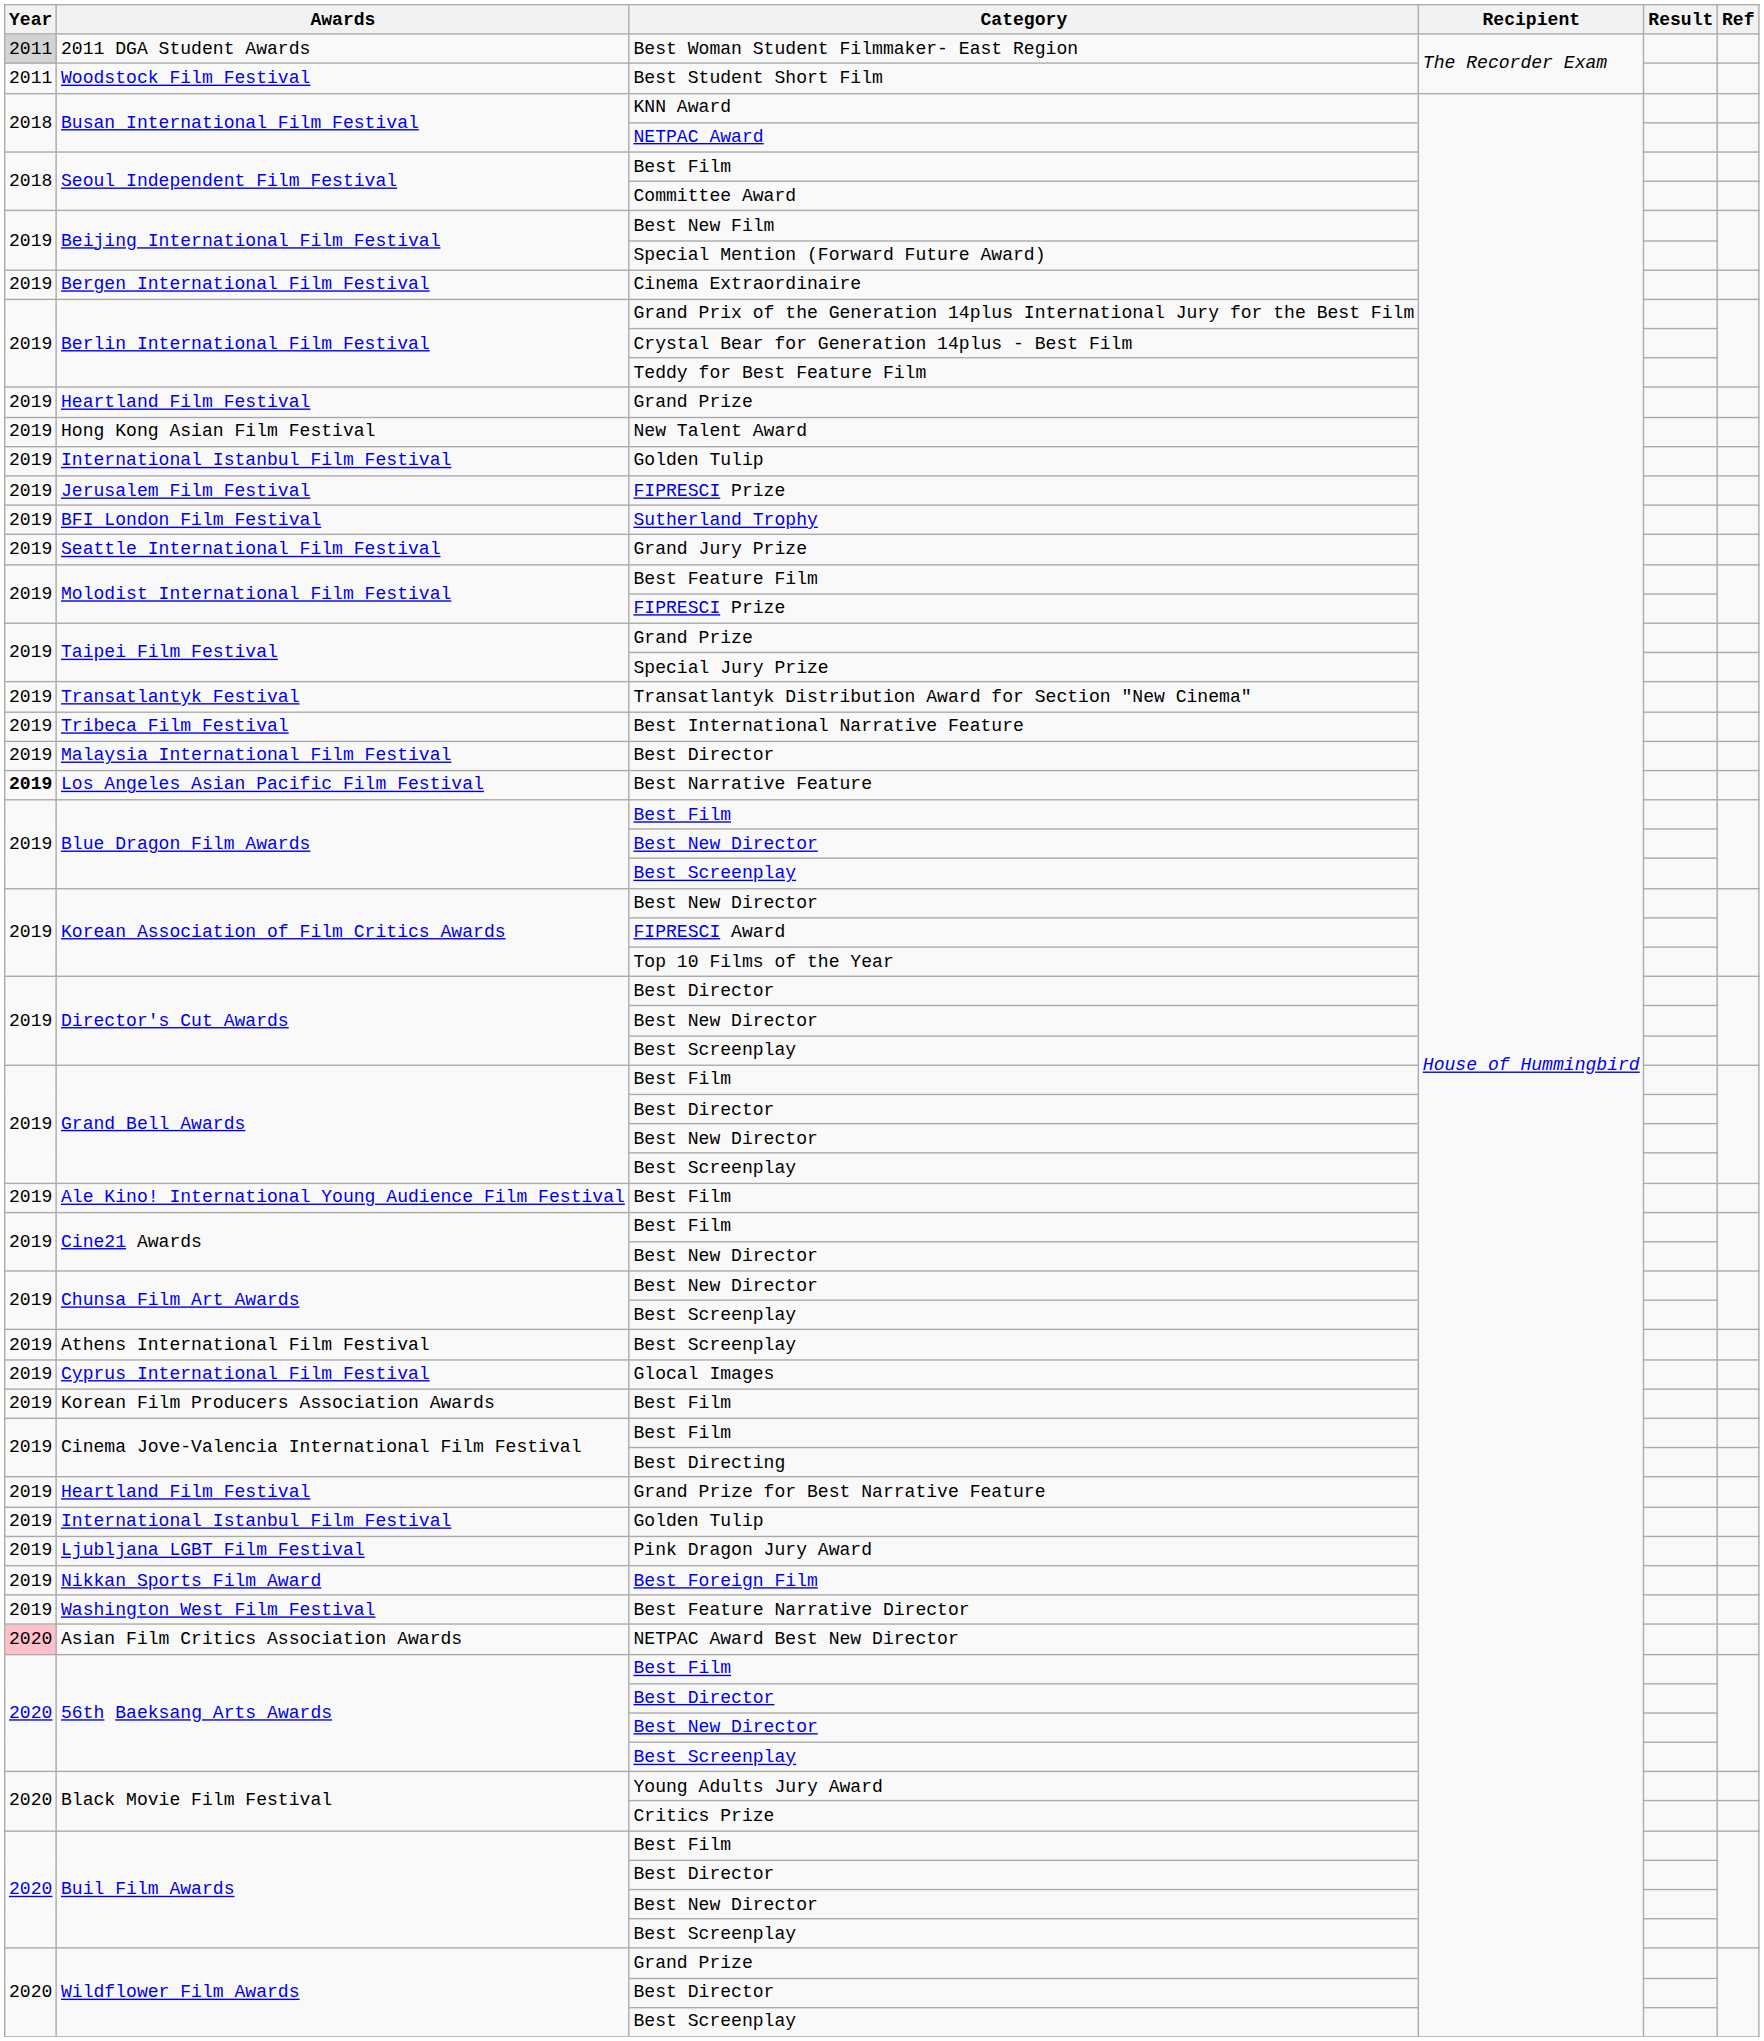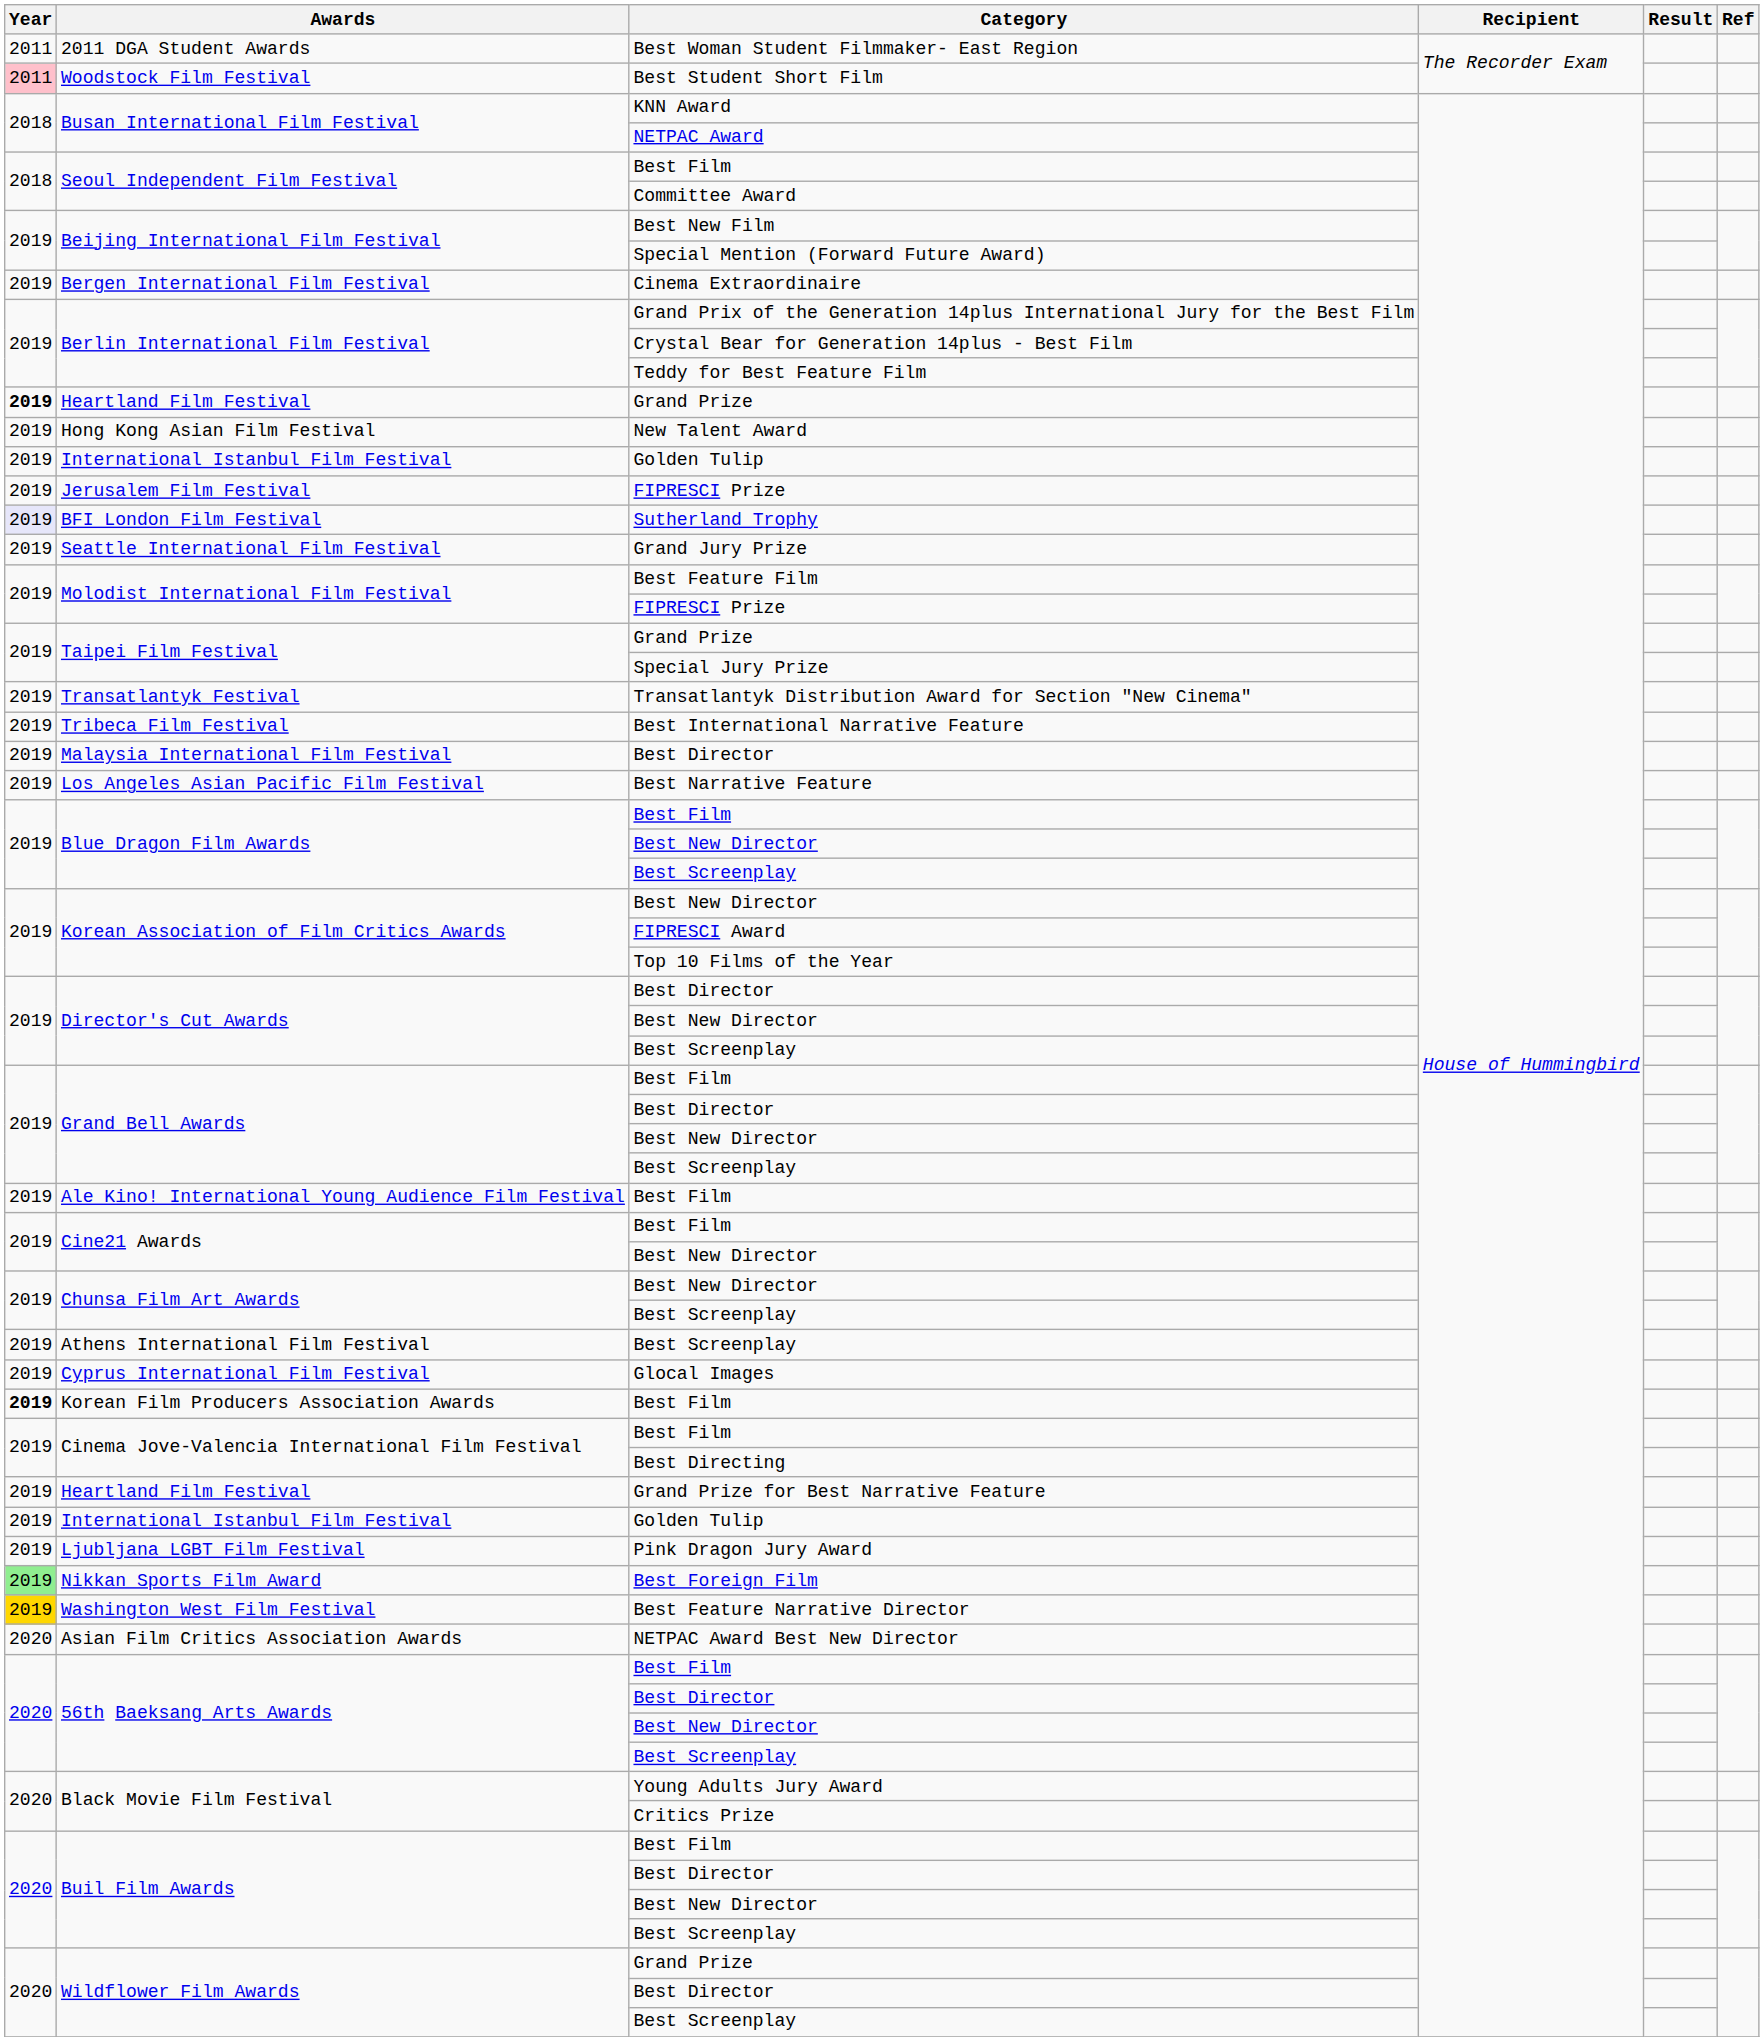 <table class="wikitable sortable">
 <tr>
 <th>Year</th>
 <th>Awards</th>
 <th>Category</th>
 <th>Recipient</th>
 <th>Result</th>
 <th>Ref</th>
 </tr>
 <tr>
-<td style="background: lightgrey;">2011</td>
+<td>2011</td>
 <td>2011 DGA Student Awards</td>
 <td>Best Woman Student Filmmaker- East Region</td>
 <td rowspan="2"><em>The Recorder Exam</em></td>
 <td></td>
 <td></td>
 </tr>
 <tr>
-<td>2011</td>
+<td style="background: pink;">2011</td>
 <td><a href='#'>Woodstock Film Festival</a></td>
 <td>Best Student Short Film</td>
 <td></td>
 <td></td>
 </tr>
 <tr>
 <td rowspan="2">2018</td>
 <td rowspan="2"><a href='#'>Busan International Film Festival</a></td>
 <td>KNN Award</td>
 <td rowspan="66"><em><a href='#'>House of Hummingbird</a></em></td>
 <td></td>
 <td></td>
 </tr>
 <tr>
 <td><a href='#'>NETPAC Award</a></td>
 <td></td>
 <td></td>
 </tr>
 <tr>
 <td rowspan="2">2018</td>
 <td rowspan="2"><a href='#'>Seoul Independent Film Festival</a></td>
 <td>Best Film</td>
 <td></td>
 <td></td>
 </tr>
 <tr>
 <td>Committee Award</td>
 <td></td>
 <td></td>
 </tr>
 <tr>
 <td rowspan="2">2019</td>
 <td rowspan="2"><a href='#'>Beijing International Film Festival</a></td>
 <td>Best New Film</td>
 <td></td>
 <td rowspan="2"></td>
 </tr>
 <tr>
 <td>Special Mention (Forward Future Award)</td>
 <td></td>
 </tr>
 <tr>
 <td>2019</td>
 <td><a href='#'>Bergen International Film Festival</a></td>
 <td>Cinema Extraordinaire</td>
 <td></td>
 <td></td>
 </tr>
 <tr>
 <td rowspan="3">2019</td>
 <td rowspan="3"><a href='#'>Berlin International Film Festival</a></td>
 <td>Grand Prix of the Generation 14plus International Jury for the Best Film</td>
 <td></td>
 <td rowspan="3"></td>
 </tr>
 <tr>
 <td>Crystal Bear for Generation 14plus - Best Film</td>
 <td></td>
 </tr>
 <tr>
 <td>Teddy for Best Feature Film</td>
 <td></td>
 </tr>
 <tr>
-<td>2019</td>
+<td><strong>2019</strong></td>
 <td><a href='#'>Heartland Film Festival</a></td>
 <td>Grand Prize</td>
 <td></td>
 <td></td>
 </tr>
 <tr>
 <td>2019</td>
 <td>Hong Kong Asian Film Festival</td>
 <td>New Talent Award</td>
 <td></td>
 <td></td>
 </tr>
 <tr>
 <td>2019</td>
 <td><a href='#'>International Istanbul Film Festival</a></td>
 <td>Golden Tulip</td>
 <td></td>
 <td></td>
 </tr>
 <tr>
 <td>2019</td>
 <td><a href='#'>Jerusalem Film Festival</a></td>
 <td><a href='#'>FIPRESCI</a> Prize</td>
 <td></td>
 <td></td>
 </tr>
 <tr>
-<td>2019</td>
+<td style="background: lavender;">2019</td>
 <td><a href='#'>BFI London Film Festival</a></td>
 <td><a href='#'>Sutherland Trophy</a></td>
 <td></td>
 <td></td>
 </tr>
 <tr>
 <td>2019</td>
 <td><a href='#'>Seattle International Film Festival</a></td>
 <td>Grand Jury Prize</td>
 <td></td>
 <td></td>
 </tr>
 <tr>
 <td rowspan="2">2019</td>
 <td rowspan="2"><a href='#'>Molodist International Film Festival</a></td>
 <td>Best Feature Film</td>
 <td></td>
 <td rowspan="2"></td>
 </tr>
 <tr>
 <td><a href='#'>FIPRESCI</a> Prize</td>
 <td></td>
 </tr>
 <tr>
 <td rowspan="2">2019</td>
 <td rowspan="2"><a href='#'>Taipei Film Festival</a></td>
 <td>Grand Prize</td>
 <td></td>
 <td></td>
 </tr>
 <tr>
 <td>Special Jury Prize</td>
 <td></td>
 <td></td>
 </tr>
 <tr>
 <td>2019</td>
 <td><a href='#'>Transatlantyk Festival</a></td>
 <td>Transatlantyk Distribution Award for Section "New Cinema"</td>
 <td></td>
 <td></td>
 </tr>
 <tr>
 <td>2019</td>
 <td><a href='#'>Tribeca Film Festival</a></td>
 <td>Best International Narrative Feature</td>
 <td></td>
 <td></td>
 </tr>
 <tr>
 <td>2019</td>
 <td><a href='#'>Malaysia International Film Festival</a></td>
 <td>Best Director</td>
 <td></td>
 <td></td>
 </tr>
 <tr>
-<td><strong>2019</strong></td>
+<td>2019</td>
 <td><a href='#'>Los Angeles Asian Pacific Film Festival</a></td>
 <td>Best Narrative Feature</td>
 <td></td>
 <td></td>
 </tr>
 <tr>
 <td rowspan="3">2019</td>
 <td rowspan="3"><a href='#'>Blue Dragon Film Awards</a></td>
 <td><a href='#'>Best Film</a></td>
 <td></td>
 <td rowspan="3"></td>
 </tr>
 <tr>
 <td><a href='#'>Best New Director</a></td>
 <td></td>
 </tr>
 <tr>
 <td><a href='#'>Best Screenplay</a></td>
 <td></td>
 </tr>
 <tr>
 <td rowspan="3">2019</td>
 <td rowspan="3"><a href='#'>Korean Association of Film Critics Awards</a></td>
 <td>Best New Director</td>
 <td></td>
 <td rowspan="3"></td>
 </tr>
 <tr>
 <td><a href='#'>FIPRESCI</a> Award</td>
 <td></td>
 </tr>
 <tr>
 <td>Top 10 Films of the Year</td>
 <td></td>
 </tr>
 <tr>
 <td rowspan="3">2019</td>
 <td rowspan="3"><a href='#'>Director's Cut Awards</a></td>
 <td>Best Director</td>
 <td></td>
 <td rowspan="3"></td>
 </tr>
 <tr>
 <td>Best New Director</td>
 <td></td>
 </tr>
 <tr>
 <td>Best Screenplay</td>
 <td></td>
 </tr>
 <tr>
 <td rowspan="4">2019</td>
 <td rowspan="4"><a href='#'>Grand Bell Awards</a></td>
 <td>Best Film</td>
 <td></td>
 <td rowspan="4"></td>
 </tr>
 <tr>
 <td>Best Director</td>
 <td></td>
 </tr>
 <tr>
 <td>Best New Director</td>
 <td></td>
 </tr>
 <tr>
 <td>Best Screenplay</td>
 <td></td>
 </tr>
 <tr>
 <td>2019</td>
 <td><a href='#'>Ale Kino! International Young Audience Film Festival</a></td>
 <td>Best Film</td>
 <td></td>
 <td></td>
 </tr>
 <tr>
 <td rowspan="2">2019</td>
 <td rowspan="2"><a href='#'>Cine21</a> Awards</td>
 <td>Best Film</td>
 <td></td>
 <td rowspan="2"></td>
 </tr>
 <tr>
 <td>Best New Director</td>
 <td></td>
 </tr>
 <tr>
 <td rowspan="2">2019</td>
 <td rowspan="2"><a href='#'>Chunsa Film Art Awards</a></td>
 <td>Best New Director</td>
 <td></td>
 <td rowspan="2"></td>
 </tr>
 <tr>
 <td>Best Screenplay</td>
 <td></td>
 </tr>
 <tr>
 <td>2019</td>
 <td>Athens International Film Festival</td>
 <td>Best Screenplay</td>
 <td></td>
 <td></td>
 </tr>
 <tr>
 <td>2019</td>
 <td><a href='#'>Cyprus International Film Festival</a></td>
 <td>Glocal Images</td>
 <td></td>
 <td></td>
 </tr>
 <tr>
-<td>2019</td>
+<td><strong>2019</strong></td>
 <td>Korean Film Producers Association Awards</td>
 <td>Best Film</td>
 <td></td>
 <td></td>
 </tr>
 <tr>
 <td rowspan="2">2019</td>
 <td rowspan="2">Cinema Jove-Valencia International Film Festival</td>
 <td>Best Film</td>
 <td></td>
 <td></td>
 </tr>
 <tr>
 <td>Best Directing</td>
 <td></td>
 <td></td>
 </tr>
 <tr>
 <td>2019</td>
 <td><a href='#'>Heartland Film Festival</a></td>
 <td>Grand Prize for Best Narrative Feature</td>
 <td></td>
 <td></td>
 </tr>
 <tr>
 <td>2019</td>
 <td><a href='#'>International Istanbul Film Festival</a></td>
 <td>Golden Tulip</td>
 <td></td>
 <td></td>
 </tr>
 <tr>
 <td>2019</td>
 <td><a href='#'>Ljubljana LGBT Film Festival</a></td>
 <td>Pink Dragon Jury Award</td>
 <td></td>
 <td></td>
 </tr>
 <tr>
-<td>2019</td>
+<td style="background: lightgreen;">2019</td>
 <td><a href='#'>Nikkan Sports Film Award</a></td>
 <td><a href='#'>Best Foreign Film</a></td>
 <td></td>
 <td></td>
 </tr>
 <tr>
-<td>2019</td>
+<td style="background: gold;">2019</td>
 <td><a href='#'>Washington West Film Festival</a></td>
 <td>Best Feature Narrative Director</td>
 <td></td>
 <td></td>
 </tr>
 <tr>
-<td style="background: pink;">2020</td>
+<td>2020</td>
 <td>Asian Film Critics Association Awards</td>
 <td>NETPAC Award Best New Director</td>
 <td></td>
 <td></td>
 </tr>
 <tr>
 <td rowspan="4"><a href='#'>2020</a></td>
 <td rowspan="4"><a href='#'>56th</a> <a href='#'>Baeksang Arts Awards</a></td>
 <td><a href='#'>Best Film</a></td>
 <td></td>
 <td rowspan="4"></td>
 </tr>
 <tr>
 <td><a href='#'>Best Director</a></td>
 <td></td>
 </tr>
 <tr>
 <td><a href='#'>Best New Director</a></td>
 <td></td>
 </tr>
 <tr>
 <td><a href='#'>Best Screenplay</a></td>
 <td></td>
 </tr>
 <tr>
 <td rowspan="2">2020</td>
 <td rowspan="2">Black Movie Film Festival</td>
 <td>Young Adults Jury Award</td>
 <td></td>
 <td></td>
 </tr>
 <tr>
 <td>Critics Prize</td>
 <td></td>
 <td></td>
 </tr>
 <tr>
 <td rowspan="4"><a href='#'>2020</a></td>
 <td rowspan="4"><a href='#'>Buil Film Awards</a></td>
 <td>Best Film</td>
 <td></td>
 <td rowspan="4"></td>
 </tr>
 <tr>
 <td>Best Director</td>
 <td></td>
 </tr>
 <tr>
 <td>Best New Director</td>
 <td></td>
 </tr>
 <tr>
 <td>Best Screenplay</td>
 <td></td>
 </tr>
 <tr>
 <td rowspan="3">2020</td>
 <td rowspan="3"><a href='#'>Wildflower Film Awards</a></td>
 <td>Grand Prize</td>
 <td></td>
 <td rowspan="3"></td>
 </tr>
 <tr>
 <td>Best Director</td>
 <td></td>
 </tr>
 <tr>
 <td>Best Screenplay</td>
 <td></td>
 </tr>
 </table>
